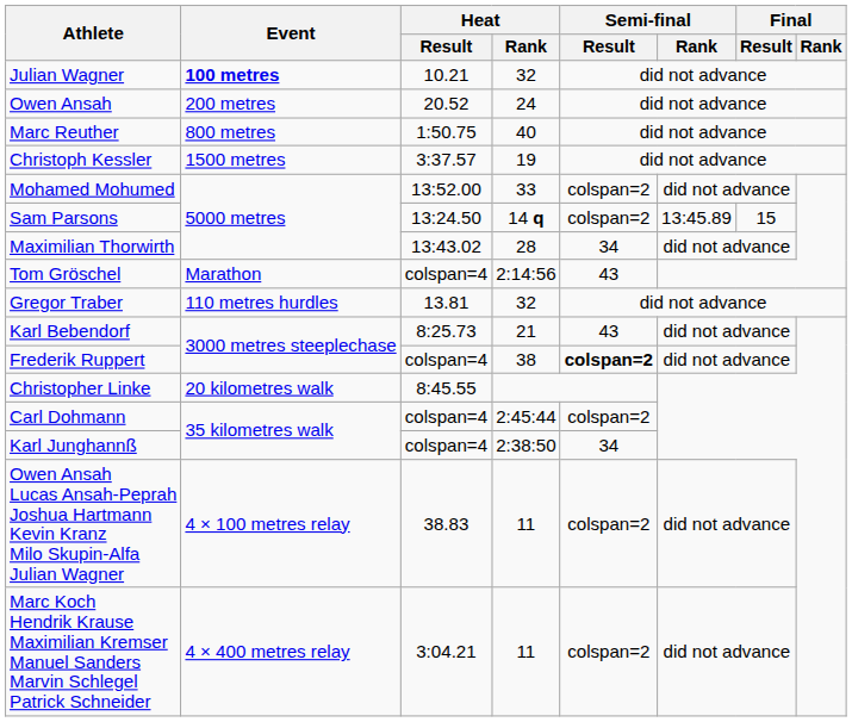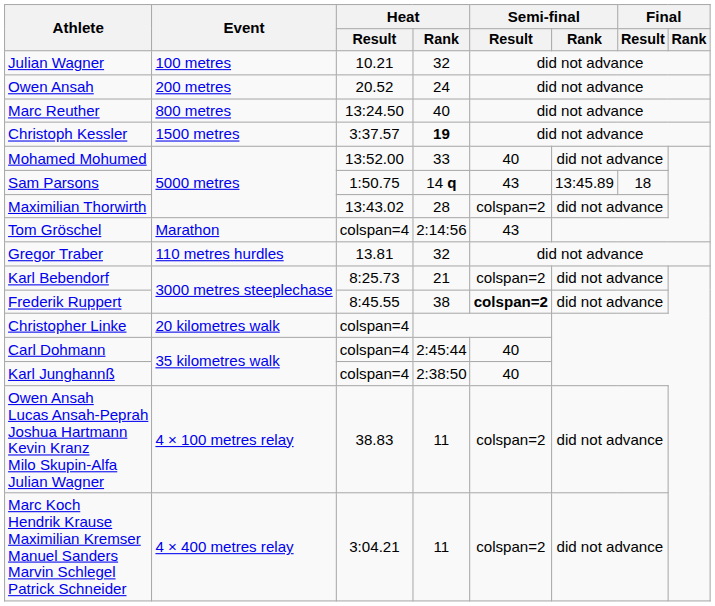 <table class=wikitable style=font-size:90%>
 <tr>
 <th rowspan=2>Athlete</th>
 <th rowspan=2>Event</th>
 <th colspan=2>Heat</th>
 <th colspan=2>Semi-final</th>
 <th colspan=2>Final</th>
 </tr>
 <tr style=font-size:95%>
 <th>Result</th>
 <th>Rank</th>
 <th>Result</th>
 <th>Rank</th>
 <th>Result</th>
 <th>Rank</th>
 </tr>
 <tr align=center>
 <td align=left><a href='#'>Julian Wagner</a></td>
-<td align=left><strong><a href='#'>100 metres</a></strong></td>
+<td align=left><a href='#'>100 metres</a></td>
 <td>10.21</td>
 <td>32</td>
 <td colspan=4>did not advance</td>
 </tr>
 <tr align=center>
 <td align=left><a href='#'>Owen Ansah</a></td>
 <td align=left><a href='#'>200 metres</a></td>
 <td>20.52</td>
 <td>24</td>
 <td colspan=4>did not advance</td>
 </tr>
 <tr align=center>
 <td align=left><a href='#'>Marc Reuther</a></td>
 <td align=left><a href='#'>800 metres</a></td>
-<td>1:50.75</td>
+<td>13:24.50</td>
 <td>40</td>
 <td colspan=4>did not advance</td>
 </tr>
 <tr align=center>
 <td align=left><a href='#'>Christoph Kessler</a></td>
 <td align=left><a href='#'>1500 metres</a></td>
 <td>3:37.57</td>
-<td>19</td>
+<td><strong>19</strong></td>
 <td colspan=4>did not advance</td>
 </tr>
 <tr align=center>
 <td align=left><a href='#'>Mohamed Mohumed</a></td>
 <td align=left rowspan=3><a href='#'>5000 metres</a></td>
 <td>13:52.00</td>
 <td>33</td>
-<td>colspan=2</td>
+<td>40</td>
 <td colspan=2>did not advance</td>
 </tr>
 <tr align=center>
 <td align=left><a href='#'>Sam Parsons</a></td>
-<td>13:24.50</td>
+<td>1:50.75</td>
 <td>14 <strong>q</strong></td>
-<td>colspan=2</td>
+<td>43</td>
 <td>13:45.89</td>
-<td>15</td>
+<td>18</td>
 </tr>
 <tr align=center>
 <td align=left><a href='#'>Maximilian Thorwirth</a></td>
 <td>13:43.02</td>
 <td>28</td>
-<td>34</td>
+<td>colspan=2</td>
 <td colspan=2>did not advance</td>
 </tr>
 <tr align=center>
 <td align=left><a href='#'>Tom Gröschel</a></td>
 <td align=left><a href='#'>Marathon</a></td>
 <td>colspan=4</td>
 <td>2:14:56 </td>
 <td>43</td>
 </tr>
 <tr align=center>
 <td align=left><a href='#'>Gregor Traber</a></td>
 <td align=left><a href='#'>110 metres hurdles</a></td>
 <td>13.81</td>
 <td>32</td>
 <td colspan=4>did not advance</td>
 </tr>
 <tr align=center>
 <td align=left><a href='#'>Karl Bebendorf</a></td>
 <td align=left rowspan=2><a href='#'>3000 metres steeplechase</a></td>
 <td>8:25.73 </td>
 <td>21</td>
-<td>43</td>
+<td>colspan=2</td>
 <td colspan=2>did not advance</td>
 </tr>
 <tr align=center>
 <td align=left><a href='#'>Frederik Ruppert</a></td>
-<td>colspan=4</td>
+<td>8:45.55</td>
 <td>38</td>
 <td><strong>colspan=2</strong></td>
 <td colspan=2>did not advance</td>
 </tr>
 <tr align=center>
 <td align=left><a href='#'>Christopher Linke</a></td>
 <td align=left><a href='#'>20 kilometres walk</a></td>
-<td>8:45.55</td>
+<td>colspan=4</td>
 <td colspan=2></td>
 </tr>
 <tr align=center>
 <td align=left><a href='#'>Carl Dohmann</a></td>
 <td align=left rowspan=2><a href='#'>35 kilometres walk</a></td>
 <td>colspan=4</td>
 <td>2:45:44</td>
-<td>colspan=2</td>
+<td>40</td>
 </tr>
 <tr align=center>
 <td align=left><a href='#'>Karl Junghannß</a></td>
 <td>colspan=4</td>
 <td>2:38:50</td>
-<td>34</td>
+<td>40</td>
 </tr>
 <tr align=center>
 <td align=left><a href='#'>Owen Ansah</a><br><a href='#'>Lucas Ansah-Peprah</a><br><a href='#'>Joshua Hartmann</a><br><a href='#'>Kevin Kranz</a><br><a href='#'>Milo Skupin-Alfa</a><br><a href='#'>Julian Wagner</a></td>
 <td align=left><a href='#'>4 × 100 metres relay</a></td>
 <td>38.83</td>
 <td>11</td>
 <td>colspan=2</td>
 <td colspan=2>did not advance</td>
 </tr>
 <tr align=center>
 <td align=left><a href='#'>Marc Koch</a><br><a href='#'>Hendrik Krause</a><br><a href='#'>Maximilian Kremser</a><br><a href='#'>Manuel Sanders</a><br><a href='#'>Marvin Schlegel</a><br><a href='#'>Patrick Schneider</a></td>
 <td align=left><a href='#'>4 × 400 metres relay</a></td>
 <td>3:04.21</td>
 <td>11</td>
 <td>colspan=2</td>
 <td colspan=2>did not advance</td>
 </tr>
 </table>
